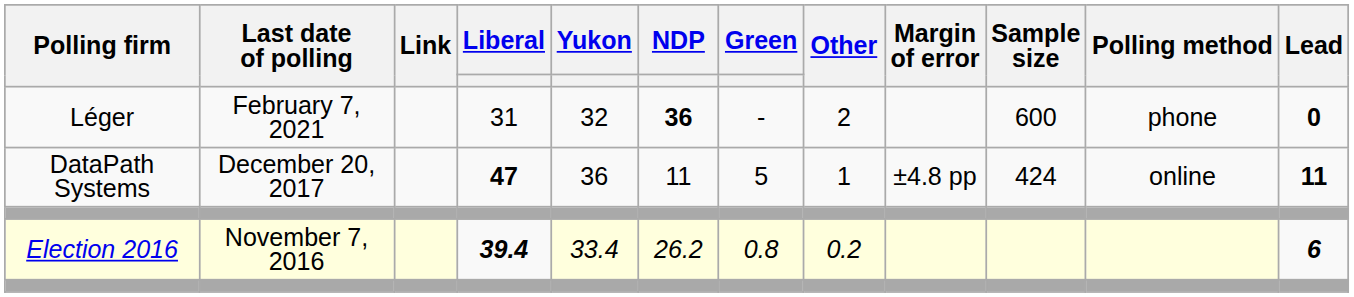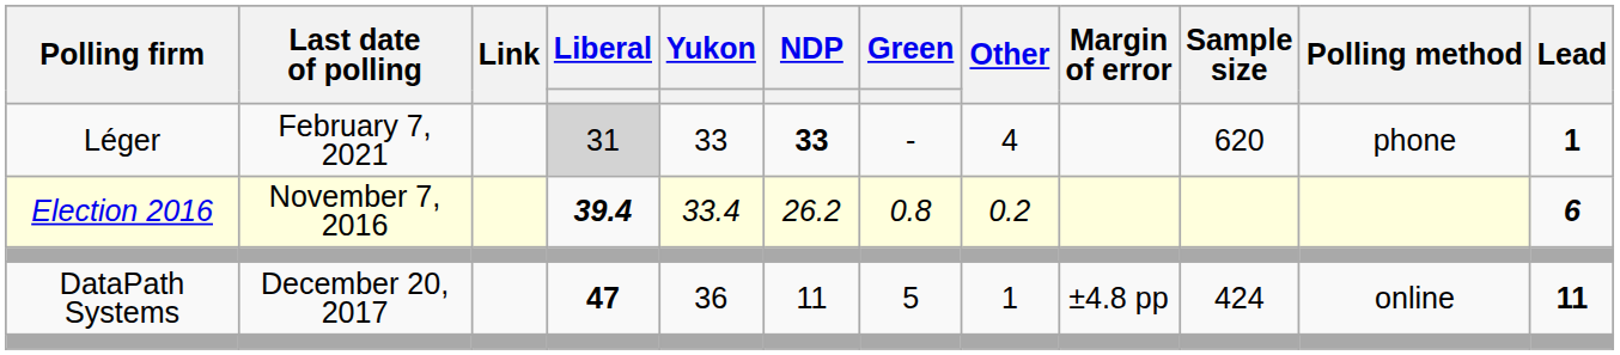 <table class="wikitable sortable" style="text-align:center;font-size:90%;line-height:14px;">
 <tr style="height:40px;">
 <th style="width:105px;" rowspan="2">Polling firm</th>
 <th style="width:105px;" rowspan="2">Last date<br>of polling</th>
 <th rowspan="2">Link</th>
 <th class="unsortable" style="width:40px;"><a href='#'>Liberal</a></th>
 <th class="unsortable" style="width:40px;"><a href='#'>Yukon</a></th>
 <th class="unsortable" style="width:40px;"><a href='#'>NDP</a></th>
 <th class="unsortable" style="width:40px;"><a href='#'>Green</a></th>
 <th rowspan="2" class="unsortable" style="width:40px;"><a href='#'>Other</a></th>
 <th rowspan="2">Margin<br>of error</th>
 <th rowspan="2">Sample<br>size</th>
 <th rowspan="2">Polling method</th>
 <th rowspan="2">Lead</th>
 </tr>
 <tr>
 <th style="background:"></th>
 <th style="background:"></th>
 <th style="background:"></th>
 <th style="background:"></th>
 </tr>
 <tr>
 <td>Léger</td>
 <td>February 7, 2021</td>
 <td></td>
-<td>31</td>
-<td>32</td>
-<td><strong>36</strong></td>
+<td style="background: lightgrey;">31</td>
+<td>33</td>
+<td><strong>33</strong></td>
 <td>-</td>
-<td>2</td>
+<td>4</td>
 <td></td>
-<td>600</td>
+<td>620</td>
 <td>phone</td>
-<td><strong>0</strong></td>
+<td><strong>1</strong></td>
+</tr>
+<tr>
+<td style="background:#ffd;"><em><a href='#'>Election 2016</a></em></td>
+<td style="background:#ffd;">November 7, 2016</td>
+<td style="background:#ffd;"></td>
+<td><strong><em>39.4</em></strong></td>
+<td style="background:#ffd;"><em>33.4</em></td>
+<td style="background:#ffd;"><em>26.2</em></td>
+<td style="background:#ffd;"><em>0.8</em></td>
+<td style="background:#ffd;"><em>0.2</em></td>
+<td style="background:#ffd;"></td>
+<td style="background:#ffd;"></td>
+<td style="background:#ffd;"></td>
+<td><strong><em>6</em></strong></td>
+</tr>
+<tr style="background:Darkgrey;">
+<td></td>
+<td></td>
+<td></td>
+<td></td>
+<td></td>
+<td></td>
+<td></td>
+<td></td>
+<td></td>
+<td></td>
+<td></td>
+<td></td>
 </tr>
 <tr>
 <td>DataPath Systems</td>
 <td>December 20, 2017</td>
 <td></td>
 <td><strong>47</strong></td>
 <td>36</td>
 <td>11</td>
 <td>5</td>
 <td>1</td>
 <td>±4.8 pp</td>
 <td>424</td>
 <td>online</td>
 <td><strong>11</strong></td>
 </tr>
 <tr style="background:Darkgrey;">
 <td></td>
 <td></td>
 <td></td>
 <td></td>
 <td></td>
 <td></td>
 <td></td>
 <td></td>
 <td></td>
 <td></td>
 <td></td>
 <td></td>
 </tr>
-<tr>
-<td style="background:#ffd;"><em><a href='#'>Election 2016</a></em></td>
-<td style="background:#ffd;">November 7, 2016</td>
-<td style="background:#ffd;"></td>
-<td><strong><em>39.4</em></strong></td>
-<td style="background:#ffd;"><em>33.4</em></td>
-<td style="background:#ffd;"><em>26.2</em></td>
-<td style="background:#ffd;"><em>0.8</em></td>
-<td style="background:#ffd;"><em>0.2</em></td>
-<td style="background:#ffd;"></td>
-<td style="background:#ffd;"></td>
-<td style="background:#ffd;"></td>
-<td><strong><em>6</em></strong></td>
-</tr>
-<tr style="background:Darkgrey;">
-<td></td>
-<td></td>
-<td></td>
-<td></td>
-<td></td>
-<td></td>
-<td></td>
-<td></td>
-<td></td>
-<td></td>
-<td></td>
-<td></td>
-</tr>
 </table>
